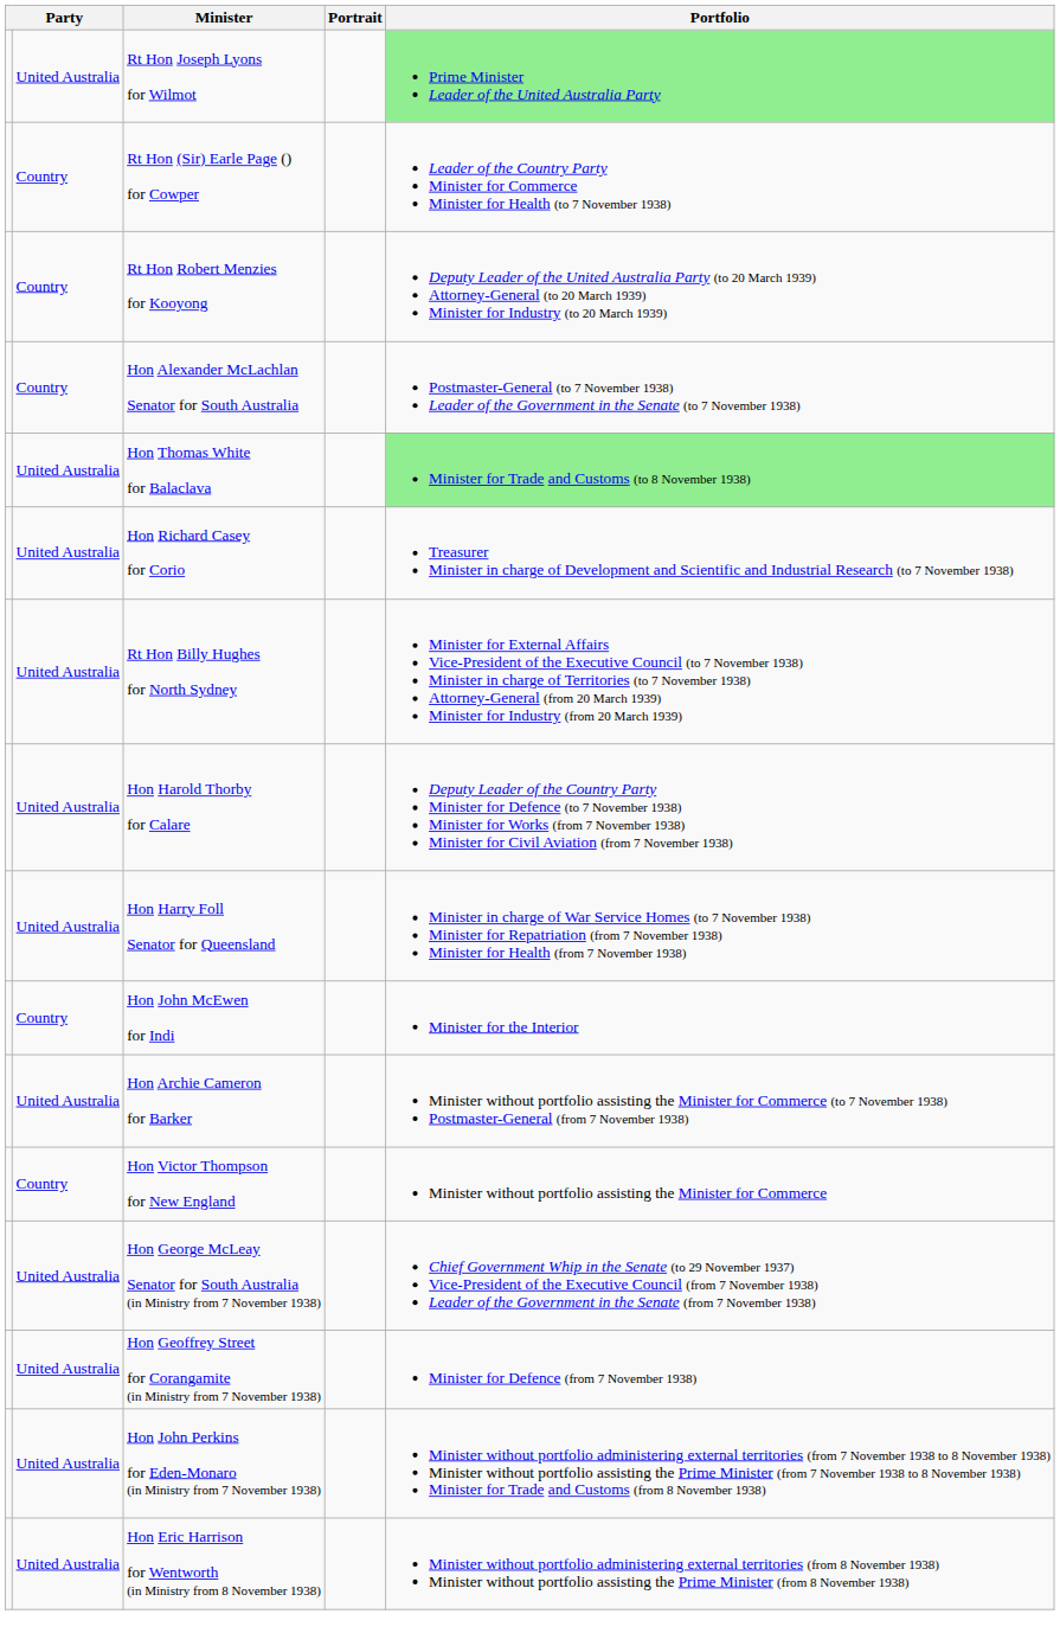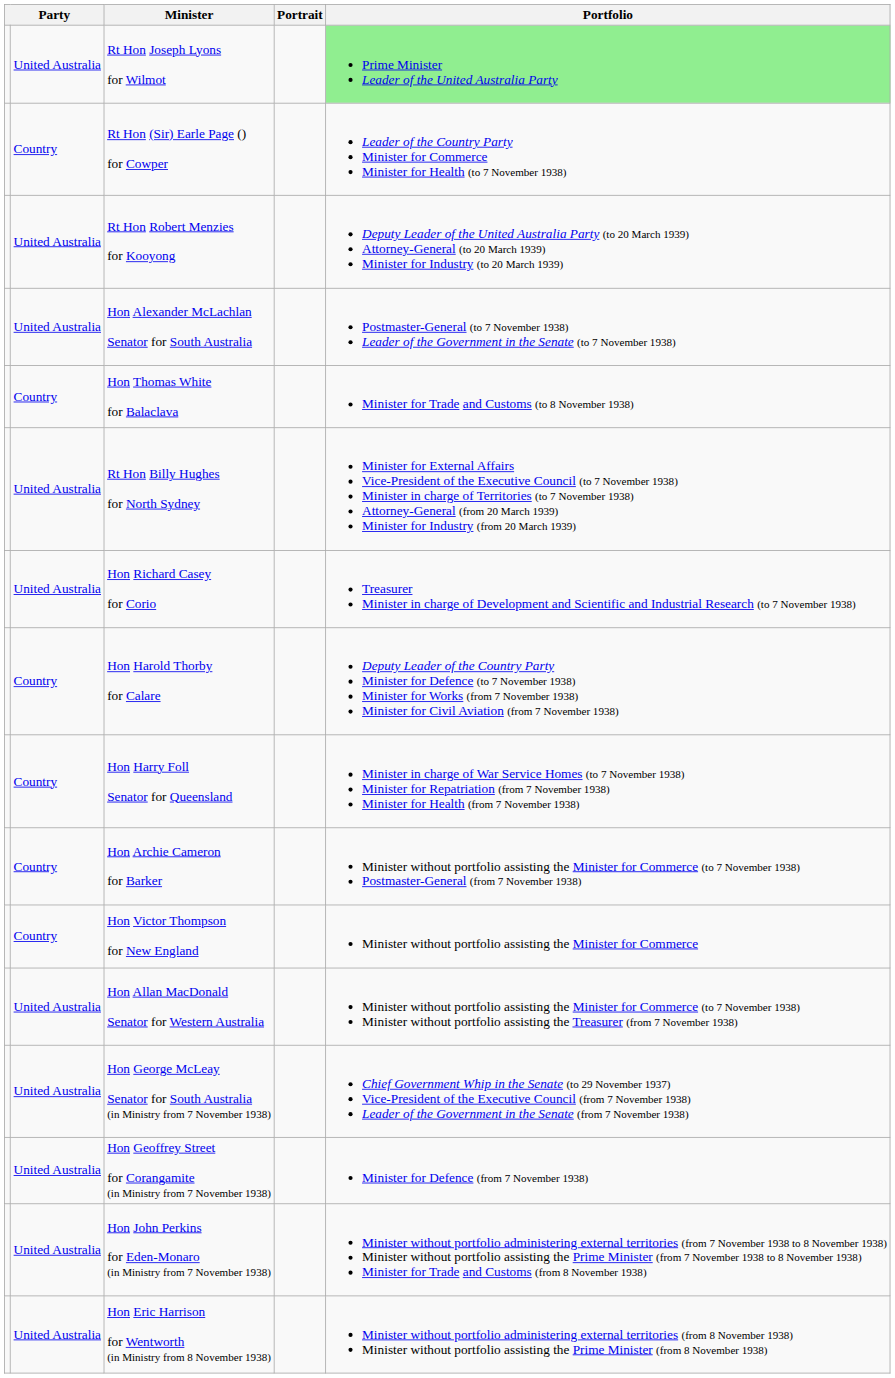 <table class="wikitable sortable">
 <tr>
 <th colspan="2">Party</th>
 <th>Minister</th>
 <th>Portrait</th>
 <th>Portfolio</th>
 </tr>
 <tr>
 <td></td>
 <td><a href='#'>United Australia</a></td>
 <td><a href='#'>Rt Hon</a> <a href='#'>Joseph Lyons</a>  <br><br> for <a href='#'>Wilmot</a> <br></td>
 <td></td>
 <td style="background: lightgreen;"><br><ul><li><a href='#'>Prime Minister</a></li><li><em><a href='#'>Leader of the United Australia Party</a></em></li></ul></td>
 </tr>
 <tr>
 <td></td>
 <td><a href='#'>Country</a></td>
 <td><a href='#'>Rt Hon</a> <a href='#'>(Sir) Earle Page</a> () <br><br> for <a href='#'>Cowper</a> <br></td>
 <td></td>
 <td><br><ul><li><em><a href='#'>Leader of the Country Party</a></em></li><li><a href='#'>Minister for Commerce</a></li><li><a href='#'>Minister for Health</a> <small>(to 7 November 1938)</small></li></ul></td>
 </tr>
 <tr>
 <td></td>
-<td><a href='#'>Country</a></td>
+<td><a href='#'>United Australia</a></td>
 <td><a href='#'>Rt Hon</a> <a href='#'>Robert Menzies</a>  <br><br> for <a href='#'>Kooyong</a> <br></td>
 <td></td>
 <td><br><ul><li><em><a href='#'>Deputy Leader of the United Australia Party</a></em> <small>(to 20 March 1939)</small></li><li><a href='#'>Attorney-General</a> <small>(to 20 March 1939)</small></li><li><a href='#'>Minister for Industry</a> <small>(to 20 March 1939)</small></li></ul></td>
 </tr>
 <tr>
 <td></td>
-<td><a href='#'>Country</a></td>
+<td><a href='#'>United Australia</a></td>
 <td><a href='#'>Hon</a> <a href='#'>Alexander McLachlan</a> <br><br><a href='#'>Senator</a> for <a href='#'>South Australia</a> <br></td>
 <td></td>
 <td><br><ul><li><a href='#'>Postmaster-General</a> <small>(to 7 November 1938)</small></li><li><em><a href='#'>Leader of the Government in the Senate</a></em> <small>(to 7 November 1938)</small></li></ul></td>
 </tr>
 <tr>
 <td></td>
-<td><a href='#'>United Australia</a></td>
+<td><a href='#'>Country</a></td>
 <td><a href='#'>Hon</a> <a href='#'>Thomas White</a>   <br><br> for <a href='#'>Balaclava</a> <br></td>
 <td></td>
-<td style="background: lightgreen;"><br><ul><li><a href='#'>Minister for Trade</a> <a href='#'>and Customs</a> <small>(to 8 November 1938)</small></li></ul></td>
-</tr>
-<tr>
-<td></td>
-<td><a href='#'>United Australia</a></td>
-<td><a href='#'>Hon</a> <a href='#'>Richard Casey</a>   <br><br> for <a href='#'>Corio</a> <br></td>
-<td></td>
-<td><br><ul><li><a href='#'>Treasurer</a></li><li><a href='#'>Minister in charge of Development and Scientific and Industrial Research</a> <small>(to 7 November 1938)</small></li></ul></td>
+<td><br><ul><li><a href='#'>Minister for Trade</a> <a href='#'>and Customs</a> <small>(to 8 November 1938)</small></li></ul></td>
 </tr>
 <tr>
 <td></td>
 <td><a href='#'>United Australia</a></td>
 <td><a href='#'>Rt Hon</a> <a href='#'>Billy Hughes</a>  <br><br> for <a href='#'>North Sydney</a> <br></td>
 <td></td>
 <td><br><ul><li><a href='#'>Minister for External Affairs</a></li><li><a href='#'>Vice-President of the Executive Council</a> <small>(to 7 November 1938)</small></li><li><a href='#'>Minister in charge of Territories</a> <small>(to 7 November 1938)</small></li><li><a href='#'>Attorney-General</a> <small>(from 20 March 1939)</small></li><li><a href='#'>Minister for Industry</a> <small>(from 20 March 1939)</small></li></ul></td>
 </tr>
 <tr>
 <td></td>
 <td><a href='#'>United Australia</a></td>
+<td><a href='#'>Hon</a> <a href='#'>Richard Casey</a>   <br><br> for <a href='#'>Corio</a> <br></td>
+<td></td>
+<td><br><ul><li><a href='#'>Treasurer</a></li><li><a href='#'>Minister in charge of Development and Scientific and Industrial Research</a> <small>(to 7 November 1938)</small></li></ul></td>
+</tr>
+<tr>
+<td></td>
+<td><a href='#'>Country</a></td>
 <td><a href='#'>Hon</a> <a href='#'>Harold Thorby</a> <br><br> for <a href='#'>Calare</a> <br></td>
 <td></td>
 <td><br><ul><li><em><a href='#'>Deputy Leader of the Country Party</a></em></li><li><a href='#'>Minister for Defence</a> <small>(to 7 November 1938)</small></li><li><a href='#'>Minister for Works</a> <small>(from 7 November 1938)</small></li><li><a href='#'>Minister for Civil Aviation</a> <small>(from 7 November 1938)</small></li></ul></td>
 </tr>
 <tr>
 <td></td>
-<td><a href='#'>United Australia</a></td>
+<td><a href='#'>Country</a></td>
 <td><a href='#'>Hon</a> <a href='#'>Harry Foll</a> <br><br><a href='#'>Senator</a> for <a href='#'>Queensland</a> <br></td>
 <td></td>
 <td><br><ul><li><a href='#'>Minister in charge of War Service Homes</a> <small>(to 7 November 1938)</small></li><li><a href='#'>Minister for Repatriation</a> <small>(from 7 November 1938)</small></li><li><a href='#'>Minister for Health</a> <small>(from 7 November 1938)</small></li></ul></td>
 </tr>
 <tr>
 <td></td>
 <td><a href='#'>Country</a></td>
-<td><a href='#'>Hon</a> <a href='#'>John McEwen</a> <br><br> for <a href='#'>Indi</a> <br></td>
-<td></td>
-<td><br><ul><li><a href='#'>Minister for the Interior</a></li></ul></td>
-</tr>
-<tr>
-<td></td>
-<td><a href='#'>United Australia</a></td>
 <td><a href='#'>Hon</a> <a href='#'>Archie Cameron</a> <br><br> for <a href='#'>Barker</a> <br></td>
 <td></td>
 <td><br><ul><li>Minister without portfolio assisting the <a href='#'>Minister for Commerce</a> <small>(to 7 November 1938)</small></li><li><a href='#'>Postmaster-General</a> <small>(from 7 November 1938)</small></li></ul></td>
 </tr>
 <tr>
 <td></td>
 <td><a href='#'>Country</a></td>
 <td><a href='#'>Hon</a> <a href='#'>Victor Thompson</a> <br><br> for <a href='#'>New England</a> <br></td>
 <td></td>
 <td><br><ul><li>Minister without portfolio assisting the <a href='#'>Minister for Commerce</a></li></ul></td>
+</tr>
+<tr>
+<td></td>
+<td><a href='#'>United Australia</a></td>
+<td><a href='#'>Hon</a> <a href='#'>Allan MacDonald</a> <br><br><a href='#'>Senator</a> for <a href='#'>Western Australia</a> <br></td>
+<td></td>
+<td><br><ul><li>Minister without portfolio assisting the <a href='#'>Minister for Commerce</a> <small>(to 7 November 1938)</small></li><li>Minister without portfolio assisting the <a href='#'>Treasurer</a> <small>(from 7 November 1938)</small></li></ul></td>
 </tr>
 <tr>
 <td></td>
 <td><a href='#'>United Australia</a></td>
 <td><a href='#'>Hon</a> <a href='#'>George McLeay</a> <br><br><a href='#'>Senator</a> for <a href='#'>South Australia</a> <br> <small>(in Ministry from 7 November 1938)</small></td>
 <td></td>
 <td><br><ul><li><em><a href='#'>Chief Government Whip in the Senate</a></em> <small>(to 29 November 1937)</small></li><li><a href='#'>Vice-President of the Executive Council</a> <small>(from 7 November 1938)</small></li><li><em><a href='#'>Leader of the Government in the Senate</a></em> <small>(from 7 November 1938)</small></li></ul></td>
 </tr>
 <tr>
 <td></td>
 <td><a href='#'>United Australia</a></td>
 <td><a href='#'>Hon</a> <a href='#'>Geoffrey Street</a>  <br><br> for <a href='#'>Corangamite</a> <br> <small>(in Ministry from 7 November 1938)</small></td>
 <td></td>
 <td><br><ul><li><a href='#'>Minister for Defence</a> <small>(from 7 November 1938)</small></li></ul></td>
 </tr>
 <tr>
 <td></td>
 <td><a href='#'>United Australia</a></td>
 <td><a href='#'>Hon</a> <a href='#'>John Perkins</a> <br><br> for <a href='#'>Eden-Monaro</a> <br> <small>(in Ministry from 7 November 1938)</small></td>
 <td></td>
 <td><br><ul><li><a href='#'>Minister without portfolio administering external territories</a> <small>(from 7 November 1938 to 8 November 1938)</small></li><li>Minister without portfolio assisting the <a href='#'>Prime Minister</a> <small>(from 7 November 1938 to 8 November 1938)</small></li><li><a href='#'>Minister for Trade</a> <a href='#'>and Customs</a> <small>(from 8 November 1938)</small></li></ul></td>
 </tr>
 <tr>
 <td></td>
 <td><a href='#'>United Australia</a></td>
 <td><a href='#'>Hon</a> <a href='#'>Eric Harrison</a> <br><br> for <a href='#'>Wentworth</a> <br> <small>(in Ministry from 8 November 1938)</small></td>
 <td></td>
 <td><br><ul><li><a href='#'>Minister without portfolio administering external territories</a> <small>(from 8 November 1938)</small></li><li>Minister without portfolio assisting the <a href='#'>Prime Minister</a> <small>(from 8 November 1938)</small></li></ul></td>
 </tr>
 </table>
